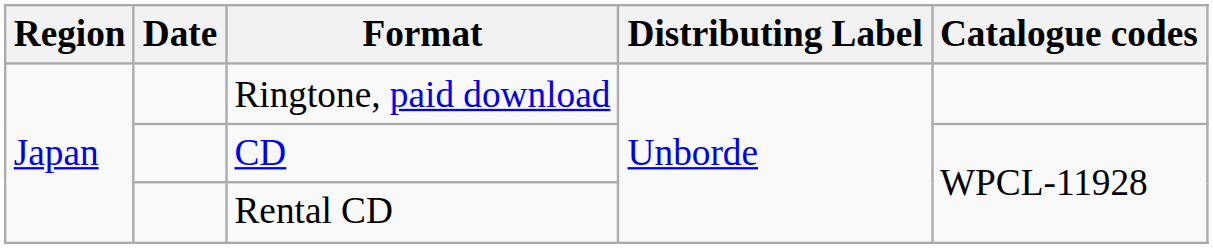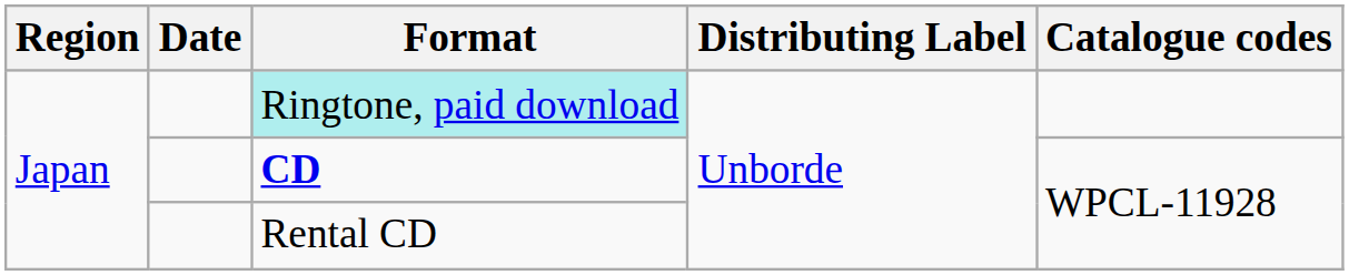 <table class="wikitable">
 <tr>
 <th>Region</th>
 <th>Date</th>
 <th>Format</th>
 <th>Distributing Label</th>
 <th>Catalogue codes</th>
 </tr>
 <tr>
 <td rowspan=3><a href='#'>Japan</a></td>
 <td></td>
-<td>Ringtone, <a href='#'>paid download</a></td>
+<td style="background: paleturquoise;">Ringtone, <a href='#'>paid download</a></td>
 <td rowspan=3><a href='#'>Unborde</a></td>
 <td></td>
 </tr>
 <tr>
 <td></td>
-<td><a href='#'>CD</a></td>
+<td><strong><a href='#'>CD</a></strong></td>
 <td rowspan=2>WPCL-11928</td>
 </tr>
 <tr>
 <td></td>
 <td>Rental CD</td>
 </tr>
 </table>
